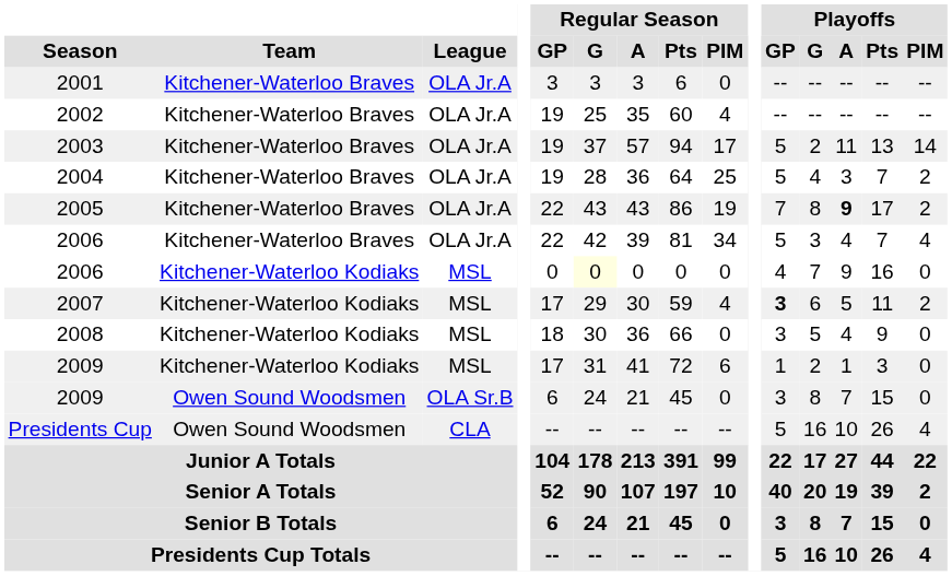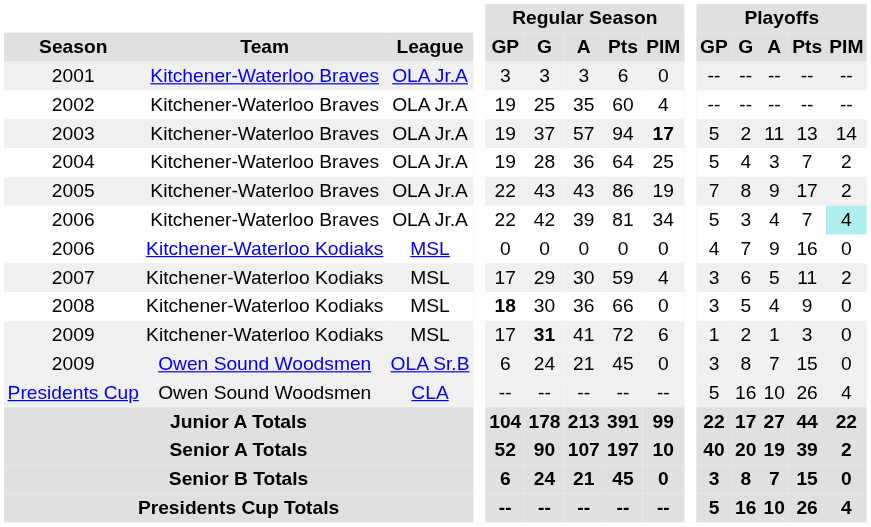 <table BORDER="0" CELLPADDING="3" CELLSPACING="0">
 <tr ALIGN="center" bgcolor="#e0e0e0">
 <th colspan="3" bgcolor="#ffffff"> </th>
 <th rowspan="99" bgcolor="#ffffff"> </th>
 <th colspan="5">Regular Season</th>
 <th rowspan="99" bgcolor="#ffffff"> </th>
 <th colspan="5">Playoffs</th>
 </tr>
 <tr ALIGN="center" bgcolor="#e0e0e0">
 <th>Season</th>
 <th>Team</th>
 <th>League</th>
 <th>GP</th>
 <th>G</th>
 <th>A</th>
 <th>Pts</th>
 <th>PIM</th>
 <th>GP</th>
 <th>G</th>
 <th>A</th>
 <th>Pts</th>
 <th>PIM</th>
 </tr>
 <tr ALIGN="center" bgcolor="#f0f0f0">
 <td>2001</td>
 <td><a href='#'>Kitchener-Waterloo Braves</a></td>
 <td><a href='#'>OLA Jr.A</a></td>
 <td>3</td>
 <td>3</td>
 <td>3</td>
 <td>6</td>
 <td>0</td>
 <td>--</td>
 <td>--</td>
 <td>--</td>
 <td>--</td>
 <td>--</td>
 </tr>
 <tr ALIGN="center">
 <td>2002</td>
 <td>Kitchener-Waterloo Braves</td>
 <td>OLA Jr.A</td>
 <td>19</td>
 <td>25</td>
 <td>35</td>
 <td>60</td>
 <td>4</td>
 <td>--</td>
 <td>--</td>
 <td>--</td>
 <td>--</td>
 <td>--</td>
 </tr>
 <tr ALIGN="center" bgcolor="#f0f0f0">
 <td>2003</td>
 <td>Kitchener-Waterloo Braves</td>
 <td>OLA Jr.A</td>
 <td>19</td>
 <td>37</td>
 <td>57</td>
 <td>94</td>
-<td>17</td>
+<td><strong>17</strong></td>
 <td>5</td>
 <td>2</td>
 <td>11</td>
 <td>13</td>
 <td>14</td>
 </tr>
 <tr ALIGN="center">
 <td>2004</td>
 <td>Kitchener-Waterloo Braves</td>
 <td>OLA Jr.A</td>
 <td>19</td>
 <td>28</td>
 <td>36</td>
 <td>64</td>
 <td>25</td>
 <td>5</td>
 <td>4</td>
 <td>3</td>
 <td>7</td>
 <td>2</td>
 </tr>
 <tr ALIGN="center" bgcolor="#f0f0f0">
 <td>2005</td>
 <td>Kitchener-Waterloo Braves</td>
 <td>OLA Jr.A</td>
 <td>22</td>
 <td>43</td>
 <td>43</td>
 <td>86</td>
 <td>19</td>
 <td>7</td>
 <td>8</td>
-<td><strong>9</strong></td>
+<td>9</td>
 <td>17</td>
 <td>2</td>
 </tr>
 <tr ALIGN="center">
 <td>2006</td>
 <td>Kitchener-Waterloo Braves</td>
 <td>OLA Jr.A</td>
 <td>22</td>
 <td>42</td>
 <td>39</td>
 <td>81</td>
 <td>34</td>
 <td>5</td>
 <td>3</td>
 <td>4</td>
 <td>7</td>
-<td>4</td>
+<td style="background: paleturquoise;">4</td>
 </tr>
 <tr ALIGN="center">
 <td>2006</td>
 <td><a href='#'>Kitchener-Waterloo Kodiaks</a></td>
 <td><a href='#'>MSL</a></td>
 <td>0</td>
-<td style="background: lightyellow;">0</td>
+<td>0</td>
 <td>0</td>
 <td>0</td>
 <td>0</td>
 <td>4</td>
 <td>7</td>
 <td>9</td>
 <td>16</td>
 <td>0</td>
 </tr>
 <tr ALIGN="center" bgcolor="#f0f0f0">
 <td>2007</td>
 <td>Kitchener-Waterloo Kodiaks</td>
 <td>MSL</td>
 <td>17</td>
 <td>29</td>
 <td>30</td>
 <td>59</td>
 <td>4</td>
-<td><strong>3</strong></td>
+<td>3</td>
 <td>6</td>
 <td>5</td>
 <td>11</td>
 <td>2</td>
 </tr>
 <tr ALIGN="center">
 <td>2008</td>
 <td>Kitchener-Waterloo Kodiaks</td>
 <td>MSL</td>
-<td>18</td>
+<td><strong>18</strong></td>
 <td>30</td>
 <td>36</td>
 <td>66</td>
 <td>0</td>
 <td>3</td>
 <td>5</td>
 <td>4</td>
 <td>9</td>
 <td>0</td>
 </tr>
 <tr ALIGN="center" bgcolor="#f0f0f0">
 <td>2009</td>
 <td>Kitchener-Waterloo Kodiaks</td>
 <td>MSL</td>
 <td>17</td>
-<td>31</td>
+<td><strong>31</strong></td>
 <td>41</td>
 <td>72</td>
 <td>6</td>
 <td>1</td>
 <td>2</td>
 <td>1</td>
 <td>3</td>
 <td>0</td>
 </tr>
 <tr ALIGN="center" bgcolor="#f0f0f0">
 <td>2009</td>
 <td><a href='#'>Owen Sound Woodsmen</a></td>
 <td><a href='#'>OLA Sr.B</a></td>
 <td>6</td>
 <td>24</td>
 <td>21</td>
 <td>45</td>
 <td>0</td>
 <td>3</td>
 <td>8</td>
 <td>7</td>
 <td>15</td>
 <td>0</td>
 </tr>
 <tr ALIGN="center" bgcolor="#f0f0f0">
 <td><a href='#'>Presidents Cup</a></td>
 <td>Owen Sound Woodsmen</td>
 <td><a href='#'>CLA</a></td>
 <td>--</td>
 <td>--</td>
 <td>--</td>
 <td>--</td>
 <td>--</td>
 <td>5</td>
 <td>16</td>
 <td>10</td>
 <td>26</td>
 <td>4</td>
 </tr>
 <tr ALIGN="center" bgcolor="#e0e0e0">
 <th colspan="3">Junior A Totals</th>
 <th>104</th>
 <th>178</th>
 <th>213</th>
 <th>391</th>
 <th>99</th>
 <th>22</th>
 <th>17</th>
 <th>27</th>
 <th>44</th>
 <th>22</th>
 </tr>
 <tr ALIGN="center" bgcolor="#e0e0e0">
 <th colspan="3">Senior A Totals</th>
 <th>52</th>
 <th>90</th>
 <th>107</th>
 <th>197</th>
 <th>10</th>
 <th>40</th>
 <th>20</th>
 <th>19</th>
 <th>39</th>
 <th>2</th>
 </tr>
 <tr ALIGN="center" bgcolor="#e0e0e0">
 <th colspan="3">Senior B Totals</th>
 <th>6</th>
 <th>24</th>
 <th>21</th>
 <th>45</th>
 <th>0</th>
 <th>3</th>
 <th>8</th>
 <th>7</th>
 <th>15</th>
 <th>0</th>
 </tr>
 <tr ALIGN="center" bgcolor="#e0e0e0">
 <th colspan="3">Presidents Cup Totals</th>
 <th>--</th>
 <th>--</th>
 <th>--</th>
 <th>--</th>
 <th>--</th>
 <th>5</th>
 <th>16</th>
 <th>10</th>
 <th>26</th>
 <th>4</th>
 </tr>
 </table>
